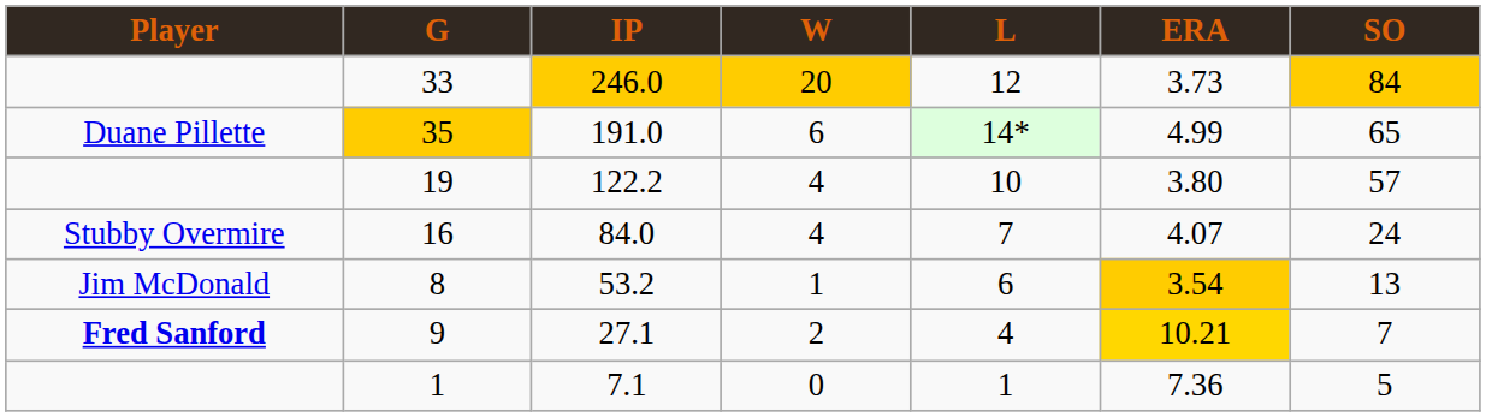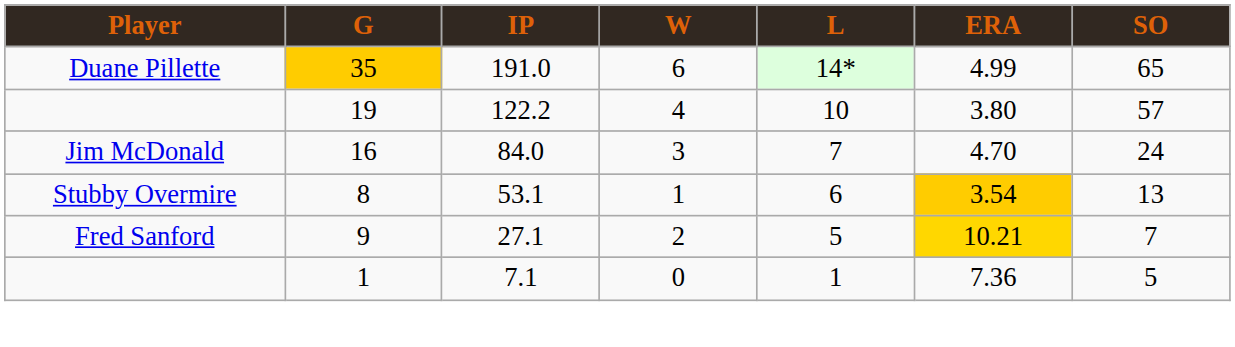 <table class="wikitable sortable">
 <tr>
 <th style="background:#312821;color:#de6108;" width="16%">Player</th>
 <th style="background:#312821;color:#de6108;" width="9%">G</th>
 <th style="background:#312821;color:#de6108;" width="9%">IP</th>
 <th style="background:#312821;color:#de6108;" width="9%">W</th>
 <th style="background:#312821;color:#de6108;" width="9%">L</th>
 <th style="background:#312821;color:#de6108;" width="9%">ERA</th>
 <th style="background:#312821;color:#de6108;" width="9%">SO</th>
-</tr>
-<tr align="center">
-<td></td>
-<td>33</td>
-<td style="background:#fc0;">246.0</td>
-<td style="background:#fc0;">20</td>
-<td>12</td>
-<td>3.73</td>
-<td style="background:#fc0;">84</td>
 </tr>
 <tr align="center">
 <td><a href='#'>Duane Pillette</a></td>
 <td style="background:#fc0;">35</td>
 <td>191.0</td>
 <td>6</td>
 <td style="background:#DDFFDD;">14*</td>
 <td>4.99</td>
 <td>65</td>
 </tr>
 <tr align="center">
 <td></td>
 <td>19</td>
 <td>122.2</td>
 <td>4</td>
 <td>10</td>
 <td>3.80</td>
 <td>57</td>
 </tr>
 <tr align="center">
-<td><a href='#'>Stubby Overmire</a></td>
+<td><a href='#'>Jim McDonald</a></td>
 <td>16</td>
 <td>84.0</td>
-<td>4</td>
+<td>3</td>
 <td>7</td>
-<td>4.07</td>
+<td>4.70</td>
 <td>24</td>
 </tr>
 <tr align="center">
-<td><a href='#'>Jim McDonald</a></td>
+<td><a href='#'>Stubby Overmire</a></td>
 <td>8</td>
-<td>53.2</td>
+<td>53.1</td>
 <td>1</td>
 <td>6</td>
 <td style="background:#fc0;">3.54</td>
 <td>13</td>
 </tr>
 <tr align="center">
-<td><strong><a href='#'>Fred Sanford</a></strong></td>
+<td><a href='#'>Fred Sanford</a></td>
 <td>9</td>
 <td>27.1</td>
 <td>2</td>
-<td>4</td>
+<td>5</td>
 <td style="background: gold;">10.21</td>
 <td>7</td>
 </tr>
 <tr align="center">
 <td></td>
 <td>1</td>
 <td>7.1</td>
 <td>0</td>
 <td>1</td>
 <td>7.36</td>
 <td>5</td>
 </tr>
 </table>
